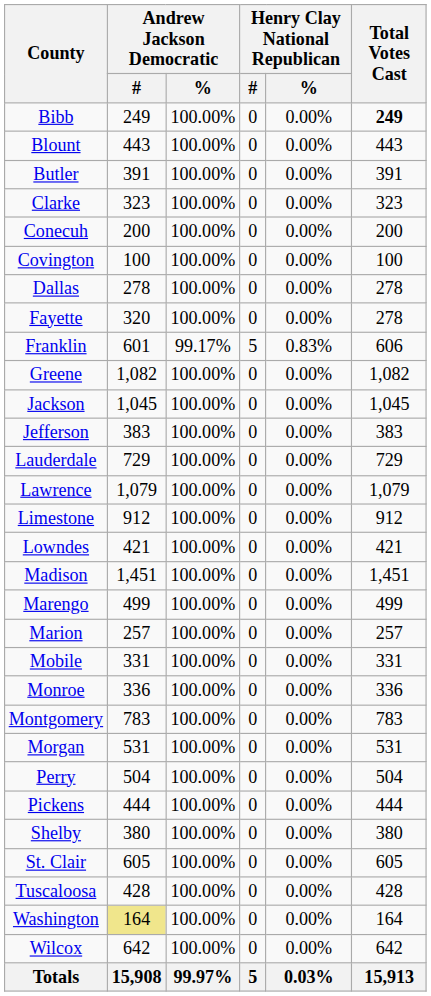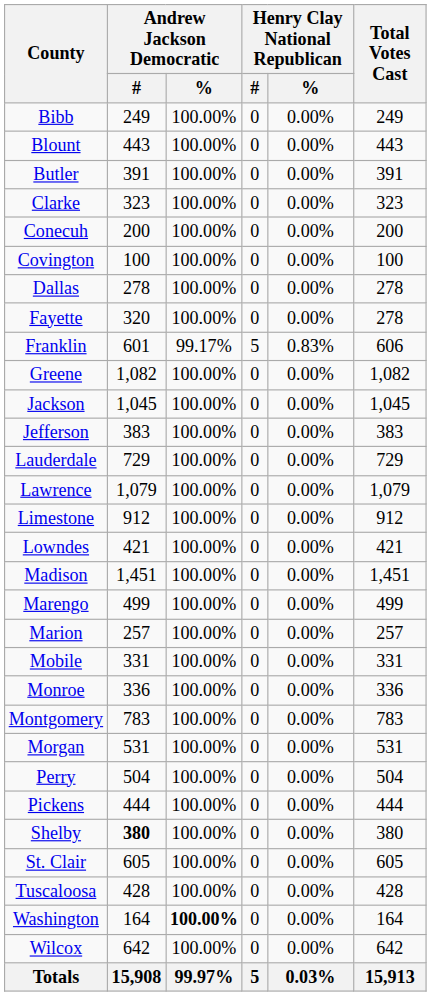 <table class="wikitable sortable" width="60%">
 <tr>
 <th rowspan="2">County</th>
 <th colspan="2">Andrew Jackson<br>Democratic</th>
 <th colspan="2">Henry Clay<br>National Republican</th>
 <th rowspan="2">Total Votes Cast</th>
 </tr>
 <tr>
 <th data-sort-type="number" style="text-align:center;">#</th>
 <th data-sort-type="number" style="text-align:center;">%</th>
 <th data-sort-type="number" style="text-align:center;">#</th>
 <th data-sort-type="number" style="text-align:center;">%</th>
 </tr>
 <tr style="text-align:center;">
 <td><a href='#'>Bibb</a></td>
 <td>249</td>
 <td>100.00%</td>
 <td>0</td>
 <td>0.00%</td>
-<td><strong>249</strong></td>
+<td>249</td>
 </tr>
 <tr style="text-align:center;">
 <td><a href='#'>Blount</a></td>
 <td>443</td>
 <td>100.00%</td>
 <td>0</td>
 <td>0.00%</td>
 <td>443</td>
 </tr>
 <tr style="text-align:center;">
 <td><a href='#'>Butler</a></td>
 <td>391</td>
 <td>100.00%</td>
 <td>0</td>
 <td>0.00%</td>
 <td>391</td>
 </tr>
 <tr style="text-align:center;">
 <td><a href='#'>Clarke</a></td>
 <td>323</td>
 <td>100.00%</td>
 <td>0</td>
 <td>0.00%</td>
 <td>323</td>
 </tr>
 <tr style="text-align:center;">
 <td><a href='#'>Conecuh</a></td>
 <td>200</td>
 <td>100.00%</td>
 <td>0</td>
 <td>0.00%</td>
 <td>200</td>
 </tr>
 <tr style="text-align:center;">
 <td><a href='#'>Covington</a></td>
 <td>100</td>
 <td>100.00%</td>
 <td>0</td>
 <td>0.00%</td>
 <td>100</td>
 </tr>
 <tr style="text-align:center;">
 <td><a href='#'>Dallas</a></td>
 <td>278</td>
 <td>100.00%</td>
 <td>0</td>
 <td>0.00%</td>
 <td>278</td>
 </tr>
 <tr style="text-align:center;">
 <td><a href='#'>Fayette</a></td>
 <td>320</td>
 <td>100.00%</td>
 <td>0</td>
 <td>0.00%</td>
 <td>278</td>
 </tr>
 <tr style="text-align:center;">
 <td><a href='#'>Franklin</a></td>
 <td>601</td>
 <td>99.17%</td>
 <td>5</td>
 <td>0.83%</td>
 <td>606</td>
 </tr>
 <tr style="text-align:center;">
 <td><a href='#'>Greene</a></td>
 <td>1,082</td>
 <td>100.00%</td>
 <td>0</td>
 <td>0.00%</td>
 <td>1,082</td>
 </tr>
 <tr style="text-align:center;">
 <td><a href='#'>Jackson</a></td>
 <td>1,045</td>
 <td>100.00%</td>
 <td>0</td>
 <td>0.00%</td>
 <td>1,045</td>
 </tr>
 <tr style="text-align:center;">
 <td><a href='#'>Jefferson</a></td>
 <td>383</td>
 <td>100.00%</td>
 <td>0</td>
 <td>0.00%</td>
 <td>383</td>
 </tr>
 <tr style="text-align:center;">
 <td><a href='#'>Lauderdale</a></td>
 <td>729</td>
 <td>100.00%</td>
 <td>0</td>
 <td>0.00%</td>
 <td>729</td>
 </tr>
 <tr style="text-align:center;">
 <td><a href='#'>Lawrence</a></td>
 <td>1,079</td>
 <td>100.00%</td>
 <td>0</td>
 <td>0.00%</td>
 <td>1,079</td>
 </tr>
 <tr style="text-align:center;">
 <td><a href='#'>Limestone</a></td>
 <td>912</td>
 <td>100.00%</td>
 <td>0</td>
 <td>0.00%</td>
 <td>912</td>
 </tr>
 <tr style="text-align:center;">
 <td><a href='#'>Lowndes</a></td>
 <td>421</td>
 <td>100.00%</td>
 <td>0</td>
 <td>0.00%</td>
 <td>421</td>
 </tr>
 <tr style="text-align:center;">
 <td><a href='#'>Madison</a></td>
 <td>1,451</td>
 <td>100.00%</td>
 <td>0</td>
 <td>0.00%</td>
 <td>1,451</td>
 </tr>
 <tr style="text-align:center;">
 <td><a href='#'>Marengo</a></td>
 <td>499</td>
 <td>100.00%</td>
 <td>0</td>
 <td>0.00%</td>
 <td>499</td>
 </tr>
 <tr style="text-align:center;">
 <td><a href='#'>Marion</a></td>
 <td>257</td>
 <td>100.00%</td>
 <td>0</td>
 <td>0.00%</td>
 <td>257</td>
 </tr>
 <tr style="text-align:center;">
 <td><a href='#'>Mobile</a></td>
 <td>331</td>
 <td>100.00%</td>
 <td>0</td>
 <td>0.00%</td>
 <td>331</td>
 </tr>
 <tr style="text-align:center;">
 <td><a href='#'>Monroe</a></td>
 <td>336</td>
 <td>100.00%</td>
 <td>0</td>
 <td>0.00%</td>
 <td>336</td>
 </tr>
 <tr style="text-align:center;">
 <td><a href='#'>Montgomery</a></td>
 <td>783</td>
 <td>100.00%</td>
 <td>0</td>
 <td>0.00%</td>
 <td>783</td>
 </tr>
 <tr style="text-align:center;">
 <td><a href='#'>Morgan</a></td>
 <td>531</td>
 <td>100.00%</td>
 <td>0</td>
 <td>0.00%</td>
 <td>531</td>
 </tr>
 <tr style="text-align:center;">
 <td><a href='#'>Perry</a></td>
 <td>504</td>
 <td>100.00%</td>
 <td>0</td>
 <td>0.00%</td>
 <td>504</td>
 </tr>
 <tr style="text-align:center;">
 <td><a href='#'>Pickens</a></td>
 <td>444</td>
 <td>100.00%</td>
 <td>0</td>
 <td>0.00%</td>
 <td>444</td>
 </tr>
 <tr style="text-align:center;">
 <td><a href='#'>Shelby</a></td>
-<td>380</td>
+<td><strong>380</strong></td>
 <td>100.00%</td>
 <td>0</td>
 <td>0.00%</td>
 <td>380</td>
 </tr>
 <tr style="text-align:center;">
 <td><a href='#'>St. Clair</a></td>
 <td>605</td>
 <td>100.00%</td>
 <td>0</td>
 <td>0.00%</td>
 <td>605</td>
 </tr>
 <tr style="text-align:center;">
 <td><a href='#'>Tuscaloosa</a></td>
 <td>428</td>
 <td>100.00%</td>
 <td>0</td>
 <td>0.00%</td>
 <td>428</td>
 </tr>
 <tr style="text-align:center;">
 <td><a href='#'>Washington</a></td>
-<td style="background: khaki;">164</td>
-<td>100.00%</td>
+<td>164</td>
+<td><strong>100.00%</strong></td>
 <td>0</td>
 <td>0.00%</td>
 <td>164</td>
 </tr>
 <tr style="text-align:center;">
 <td><a href='#'>Wilcox</a></td>
 <td>642</td>
 <td>100.00%</td>
 <td>0</td>
 <td>0.00%</td>
 <td>642</td>
 </tr>
 <tr>
 <th>Totals</th>
 <th>15,908</th>
 <th>99.97%</th>
 <th>5</th>
 <th>0.03%</th>
 <th>15,913</th>
 </tr>
 </table>
